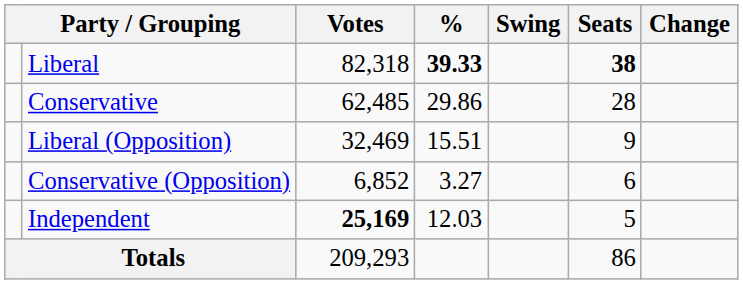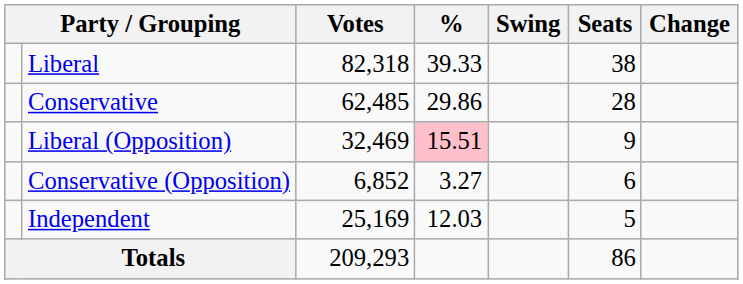 <table class="wikitable" style="text-align:right; margin-bottom:0">
 <tr>
 <th style="width:10px;" colspan=3>Party / Grouping</th>
 <th style="width:70px;">Votes</th>
 <th style="width:40px;">%</th>
 <th style="width:40px;">Swing</th>
 <th style="width:40px;">Seats</th>
 <th style="width:40px;">Change</th>
 </tr>
 <tr>
 <td> </td>
 <td style="text-align:left;" colspan="2"><a href='#'>Liberal</a></td>
 <td style="width:70px;">82,318</td>
-<td style="width:40px;"><strong>39.33</strong></td>
+<td style="width:40px;">39.33</td>
 <td style="width:45px;"></td>
-<td style="width:40px;"><strong>38</strong></td>
+<td style="width:40px;">38</td>
 <td style="width:55px;"></td>
 </tr>
 <tr>
 <td> </td>
 <td style="text-align:left;" colspan="2"><a href='#'>Conservative</a></td>
 <td style="width:70px;">62,485</td>
 <td style="width:40px;">29.86</td>
 <td style="width:45px;"></td>
 <td style="width:40px;">28</td>
 <td style="width:55px;"></td>
 </tr>
 <tr>
 <td> </td>
 <td style="text-align:left;" colspan="2"><a href='#'>Liberal (Opposition)</a></td>
 <td style="width:70px;">32,469</td>
-<td style="width:40px;">15.51</td>
+<td style="background: pink; width:40px;">15.51</td>
 <td style="width:45px;"></td>
 <td style="width:40px;">9</td>
 <td style="width:55px;"></td>
 </tr>
 <tr>
 <td> </td>
 <td style="text-align:left;" colspan="2"><a href='#'>Conservative (Opposition)</a></td>
 <td style="width:70px;">6,852</td>
 <td style="width:40px;">3.27</td>
 <td style="width:45px;"></td>
 <td style="width:40px;">6</td>
 <td style="width:55px;"></td>
 </tr>
 <tr>
 <td> </td>
 <td style="text-align:left;" colspan="2"><a href='#'>Independent</a></td>
-<td style="width:70px;"><strong>25,169</strong></td>
+<td style="width:70px;">25,169</td>
 <td style="width:40px;">12.03</td>
 <td style="width:45px;"></td>
 <td style="width:40px;">5</td>
 <td style="width:55px;"></td>
 </tr>
 <tr>
 <th colspan="3"> Totals</th>
 <td>209,293</td>
 <td></td>
 <td></td>
 <td>86</td>
 <td></td>
 </tr>
 </table>
